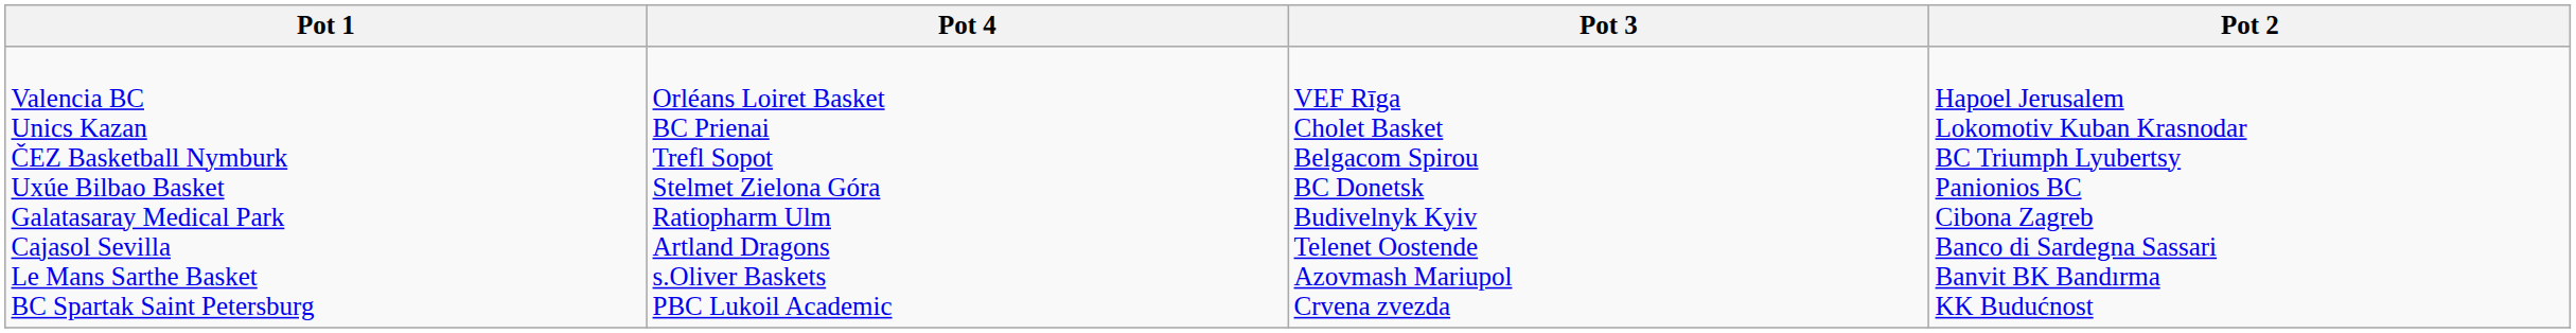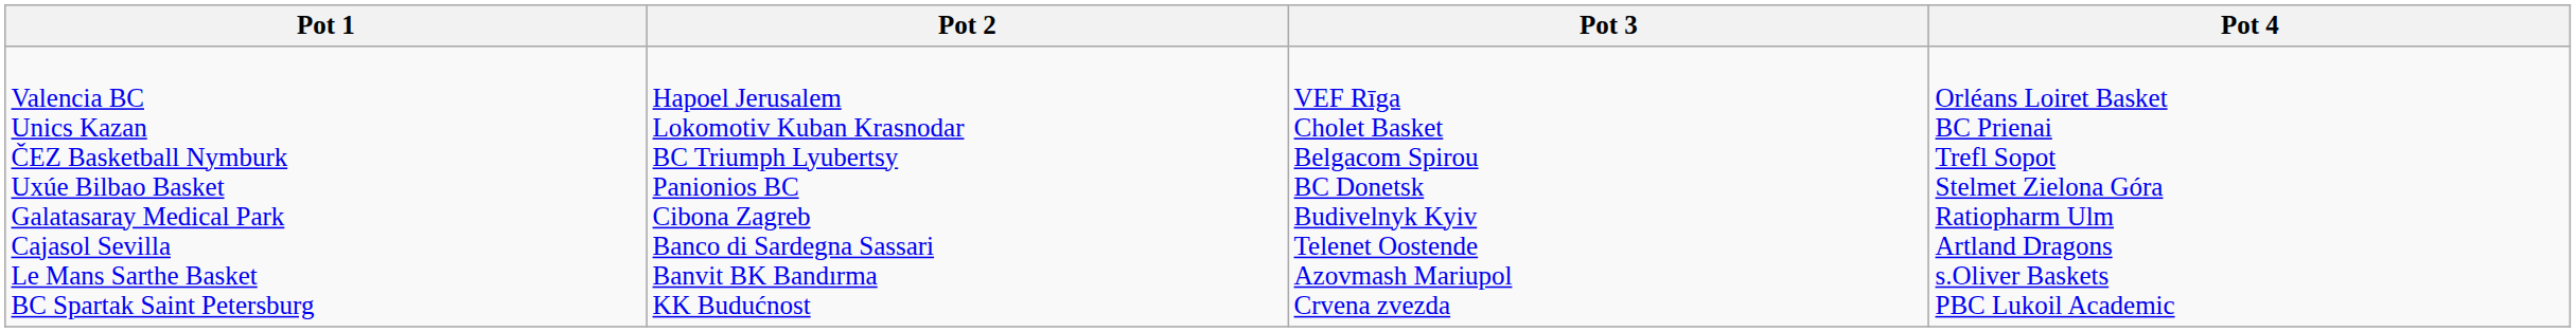 <table class="wikitable" style="width:98%;">
 <tr>
 <th width=16%><strong>Pot 1</strong></th>
+<th width=16%><strong>Pot 2</strong></th>
+<th width=16%><strong>Pot 3</strong></th>
 <th width=16%><strong>Pot 4</strong></th>
-<th width=16%><strong>Pot 3</strong></th>
-<th width=16%><strong>Pot 2</strong></th>
 </tr>
 <tr>
 <td><br> <a href='#'>Valencia BC</a> <br>  <a href='#'>Unics Kazan</a><br>  <a href='#'>ČEZ Basketball Nymburk</a><br>  <a href='#'>Uxúe Bilbao Basket</a><br>  <a href='#'>Galatasaray Medical Park</a><br>  <a href='#'>Cajasol Sevilla</a><br>  <a href='#'>Le Mans Sarthe Basket</a><br>  <a href='#'>BC Spartak Saint Petersburg</a><br></td>
+<td><br> <a href='#'>Hapoel Jerusalem</a> <br>  <a href='#'>Lokomotiv Kuban Krasnodar</a><br>  <a href='#'>BC Triumph Lyubertsy</a><br>  <a href='#'>Panionios BC</a><br>  <a href='#'>Cibona Zagreb</a><br>  <a href='#'>Banco di Sardegna Sassari</a><br>  <a href='#'>Banvit BK Bandırma</a><br>  <a href='#'>KK Budućnost</a><br></td>
+<td><br> <a href='#'>VEF Rīga</a> <br>  <a href='#'>Cholet Basket</a><br>  <a href='#'>Belgacom Spirou</a><br>  <a href='#'>BC Donetsk</a><br>  <a href='#'>Budivelnyk Kyiv</a><br>  <a href='#'>Telenet Oostende</a><br>  <a href='#'>Azovmash Mariupol</a><br>  <a href='#'>Crvena zvezda</a><br></td>
 <td><br> <a href='#'>Orléans Loiret Basket</a> <br>  <a href='#'>BC Prienai</a><br>  <a href='#'>Trefl Sopot</a><br>  <a href='#'>Stelmet Zielona Góra</a><br>  <a href='#'>Ratiopharm Ulm</a><br>  <a href='#'>Artland Dragons</a><br>  <a href='#'>s.Oliver Baskets</a><br>  <a href='#'>PBC Lukoil Academic</a><br></td>
-<td><br> <a href='#'>VEF Rīga</a> <br>  <a href='#'>Cholet Basket</a><br>  <a href='#'>Belgacom Spirou</a><br>  <a href='#'>BC Donetsk</a><br>  <a href='#'>Budivelnyk Kyiv</a><br>  <a href='#'>Telenet Oostende</a><br>  <a href='#'>Azovmash Mariupol</a><br>  <a href='#'>Crvena zvezda</a><br></td>
-<td><br> <a href='#'>Hapoel Jerusalem</a> <br>  <a href='#'>Lokomotiv Kuban Krasnodar</a><br>  <a href='#'>BC Triumph Lyubertsy</a><br>  <a href='#'>Panionios BC</a><br>  <a href='#'>Cibona Zagreb</a><br>  <a href='#'>Banco di Sardegna Sassari</a><br>  <a href='#'>Banvit BK Bandırma</a><br>  <a href='#'>KK Budućnost</a><br></td>
 </tr>
 </table>
